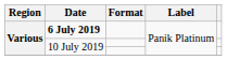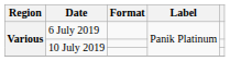 <table class="wikitable plainrowheaders">
 <tr>
 <th scope="col">Region</th>
 <th scope="col">Date</th>
 <th scope="col">Format</th>
 <th scope="col">Label</th>
 <th scope="col"></th>
 </tr>
 <tr>
 <th scope="row" rowspan="3">Various</th>
-<td rowspan="1"><strong>6 July 2019</strong></td>
+<td rowspan="1">6 July 2019</td>
 <td></td>
 <td rowspan="3">Panik Platinum</td>
 <td></td>
 </tr>
 <tr>
 <td rowspan="2">10 July 2019</td>
 <td></td>
 <td></td>
 </tr>
 <tr>
 <td></td>
 <td></td>
 </tr>
 <tr>
 </tr>
 </table>
